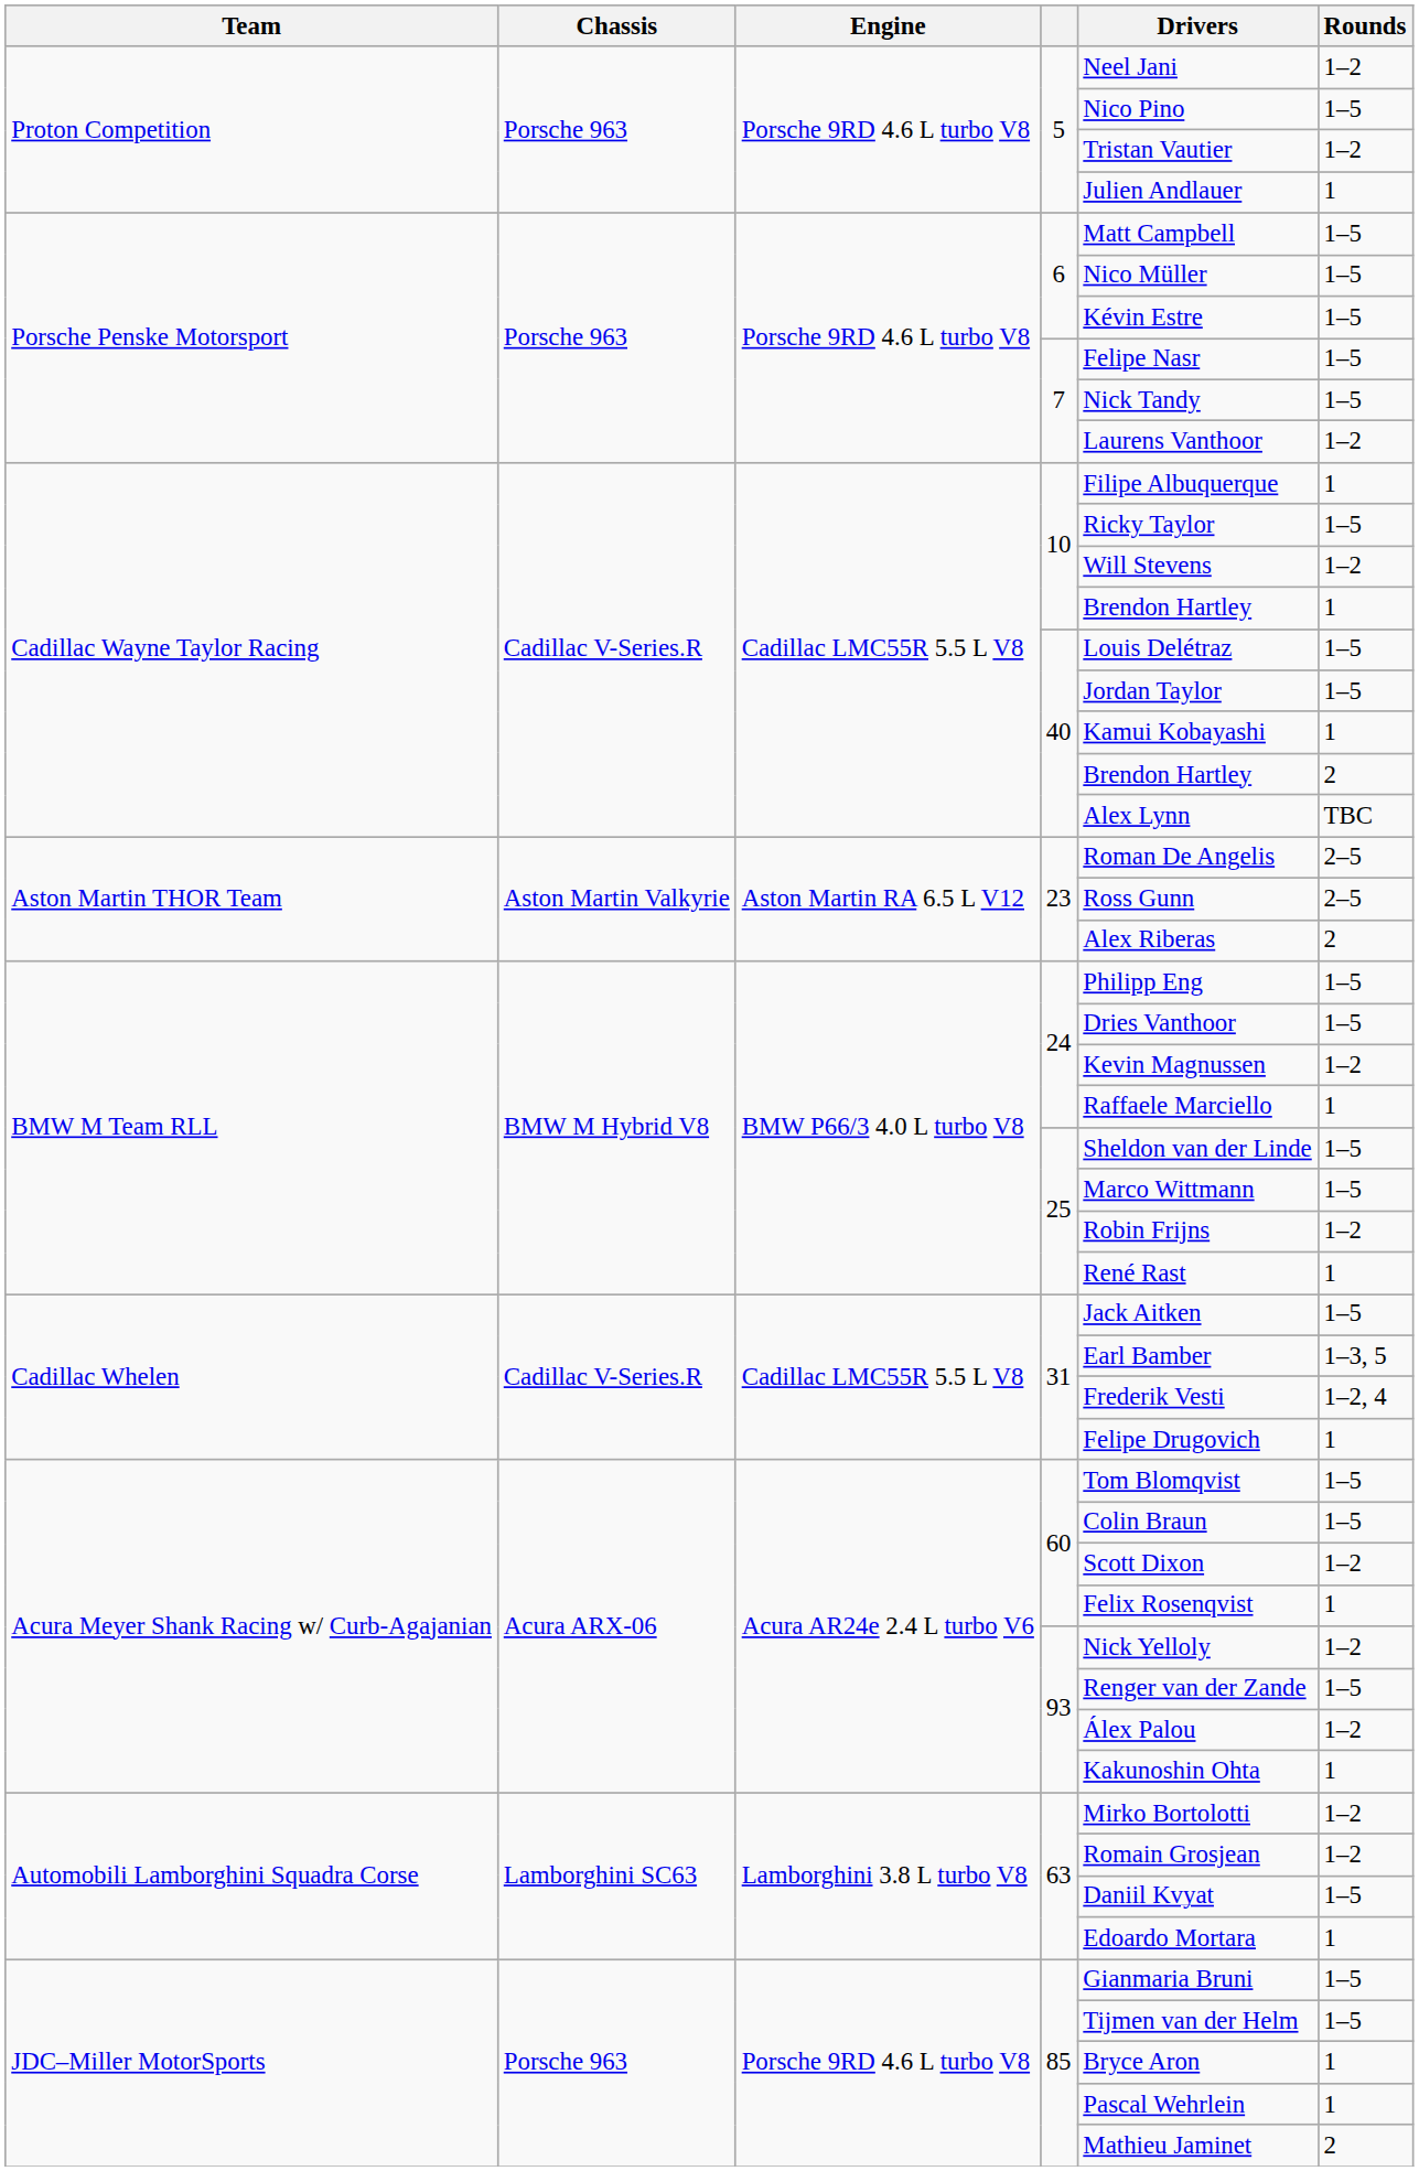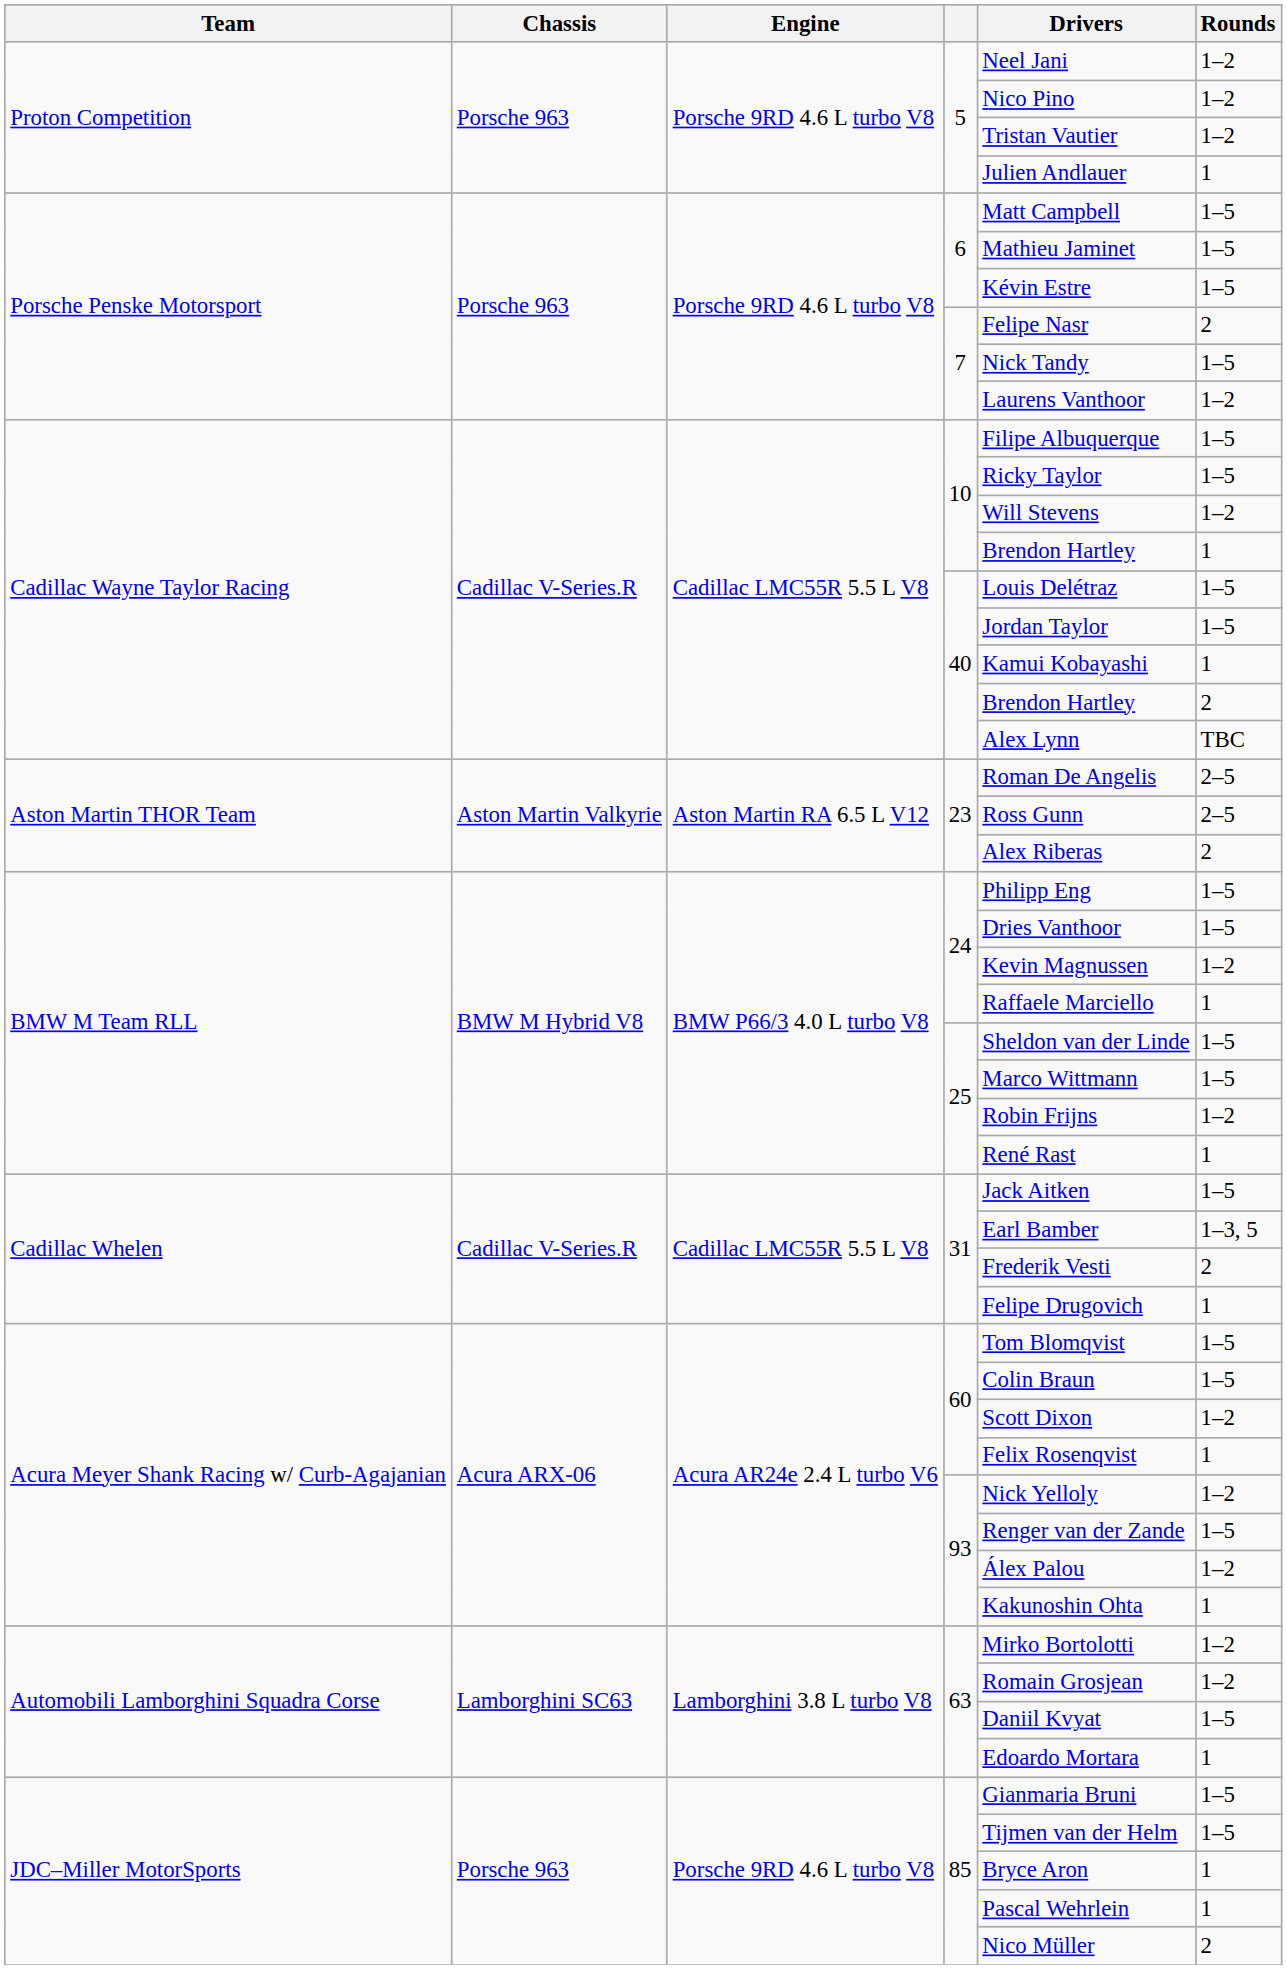 <table class="wikitable" style="font-size: 85%">
 <tr>
 <th>Team</th>
 <th>Chassis</th>
 <th>Engine</th>
 <th></th>
 <th>Drivers</th>
 <th>Rounds</th>
 </tr>
 <tr>
 <td rowspan="4"> <a href='#'>Proton Competition</a></td>
 <td rowspan="4"><a href='#'>Porsche 963</a></td>
 <td rowspan="4"><a href='#'>Porsche 9RD</a> 4.6 L <a href='#'>turbo</a> <a href='#'>V8</a></td>
 <td rowspan="4" align="center">5</td>
 <td> <a href='#'>Neel Jani</a></td>
 <td>1–2</td>
 </tr>
 <tr>
 <td> <a href='#'>Nico Pino</a></td>
-<td>1–5</td>
+<td>1–2</td>
 </tr>
 <tr>
 <td> <a href='#'>Tristan Vautier</a></td>
 <td>1–2</td>
 </tr>
 <tr>
 <td> <a href='#'>Julien Andlauer</a></td>
 <td>1</td>
 </tr>
 <tr>
 <td rowspan="6"> <a href='#'>Porsche Penske Motorsport</a></td>
 <td rowspan="6"><a href='#'>Porsche 963</a></td>
 <td rowspan="6"><a href='#'>Porsche 9RD</a> 4.6 L <a href='#'>turbo</a> <a href='#'>V8</a></td>
 <td rowspan="3" align="center">6</td>
 <td> <a href='#'>Matt Campbell</a></td>
 <td>1–5</td>
 </tr>
 <tr>
-<td> <a href='#'>Nico Müller</a></td>
+<td> <a href='#'>Mathieu Jaminet</a></td>
 <td>1–5</td>
 </tr>
 <tr>
 <td> <a href='#'>Kévin Estre</a></td>
 <td>1–5</td>
 </tr>
 <tr>
 <td rowspan="3" align="center">7</td>
 <td> <a href='#'>Felipe Nasr</a></td>
-<td>1–5</td>
+<td>2</td>
 </tr>
 <tr>
 <td> <a href='#'>Nick Tandy</a></td>
 <td>1–5</td>
 </tr>
 <tr>
 <td> <a href='#'>Laurens Vanthoor</a></td>
 <td>1–2</td>
 </tr>
 <tr>
 <td rowspan="9"> <a href='#'>Cadillac Wayne Taylor Racing</a></td>
 <td rowspan="9"><a href='#'>Cadillac V-Series.R</a></td>
 <td rowspan="9"><a href='#'>Cadillac LMC55R</a> 5.5 L <a href='#'>V8</a></td>
 <td rowspan="4" align="center">10</td>
 <td> <a href='#'>Filipe Albuquerque</a></td>
-<td>1</td>
+<td>1–5</td>
 </tr>
 <tr>
 <td> <a href='#'>Ricky Taylor</a></td>
 <td>1–5</td>
 </tr>
 <tr>
 <td> <a href='#'>Will Stevens</a></td>
 <td>1–2</td>
 </tr>
 <tr>
 <td> <a href='#'>Brendon Hartley</a></td>
 <td>1</td>
 </tr>
 <tr>
 <td rowspan="5" align="center">40</td>
 <td> <a href='#'>Louis Delétraz</a></td>
 <td>1–5</td>
 </tr>
 <tr>
 <td> <a href='#'>Jordan Taylor</a></td>
 <td>1–5</td>
 </tr>
 <tr>
 <td> <a href='#'>Kamui Kobayashi</a></td>
 <td>1</td>
 </tr>
 <tr>
 <td> <a href='#'>Brendon Hartley</a></td>
 <td>2</td>
 </tr>
 <tr>
 <td> <a href='#'>Alex Lynn</a></td>
 <td>TBC</td>
 </tr>
 <tr>
 <td rowspan="3"> <a href='#'>Aston Martin THOR Team</a></td>
 <td rowspan="3"><a href='#'>Aston Martin Valkyrie</a></td>
 <td rowspan="3"><a href='#'>Aston Martin RA</a> 6.5 L <a href='#'>V12</a></td>
 <td rowspan="3" align="center">23</td>
 <td> <a href='#'>Roman De Angelis</a></td>
 <td>2–5</td>
 </tr>
 <tr>
 <td> <a href='#'>Ross Gunn</a></td>
 <td>2–5</td>
 </tr>
 <tr>
 <td> <a href='#'>Alex Riberas</a></td>
 <td>2</td>
 </tr>
 <tr>
 <td rowspan="8"> <a href='#'>BMW M Team RLL</a></td>
 <td rowspan="8"><a href='#'>BMW M Hybrid V8</a></td>
 <td rowspan="8"><a href='#'>BMW P66/3</a> 4.0 L <a href='#'>turbo</a> <a href='#'>V8</a></td>
 <td rowspan="4" align="center">24</td>
 <td> <a href='#'>Philipp Eng</a></td>
 <td>1–5</td>
 </tr>
 <tr>
 <td> <a href='#'>Dries Vanthoor</a></td>
 <td>1–5</td>
 </tr>
 <tr>
 <td> <a href='#'>Kevin Magnussen</a></td>
 <td>1–2</td>
 </tr>
 <tr>
 <td> <a href='#'>Raffaele Marciello</a></td>
 <td>1</td>
 </tr>
 <tr>
 <td rowspan="4" align="center">25</td>
 <td> <a href='#'>Sheldon van der Linde</a></td>
 <td>1–5</td>
 </tr>
 <tr>
 <td> <a href='#'>Marco Wittmann</a></td>
 <td>1–5</td>
 </tr>
 <tr>
 <td> <a href='#'>Robin Frijns</a></td>
 <td>1–2</td>
 </tr>
 <tr>
 <td> <a href='#'>René Rast</a></td>
 <td>1</td>
 </tr>
 <tr>
 <td rowspan="4"> <a href='#'>Cadillac Whelen</a></td>
 <td rowspan="4"><a href='#'>Cadillac V-Series.R</a></td>
 <td rowspan="4"><a href='#'>Cadillac LMC55R</a> 5.5 L <a href='#'>V8</a></td>
 <td rowspan="4" align="center">31</td>
 <td> <a href='#'>Jack Aitken</a></td>
 <td>1–5</td>
 </tr>
 <tr>
 <td> <a href='#'>Earl Bamber</a></td>
 <td>1–3, 5</td>
 </tr>
 <tr>
 <td> <a href='#'>Frederik Vesti</a></td>
-<td>1–2, 4</td>
+<td>2</td>
 </tr>
 <tr>
 <td> <a href='#'>Felipe Drugovich</a></td>
 <td>1</td>
 </tr>
 <tr>
 <td rowspan="8"> <a href='#'>Acura Meyer Shank Racing</a> w/ <a href='#'>Curb-Agajanian</a></td>
 <td rowspan="8"><a href='#'>Acura ARX-06</a></td>
 <td rowspan="8"><a href='#'>Acura AR24e</a> 2.4 L <a href='#'>turbo</a> <a href='#'>V6</a></td>
 <td rowspan="4" align="center">60</td>
 <td> <a href='#'>Tom Blomqvist</a></td>
 <td>1–5</td>
 </tr>
 <tr>
 <td> <a href='#'>Colin Braun</a></td>
 <td>1–5</td>
 </tr>
 <tr>
 <td> <a href='#'>Scott Dixon</a></td>
 <td>1–2</td>
 </tr>
 <tr>
 <td> <a href='#'>Felix Rosenqvist</a></td>
 <td>1</td>
 </tr>
 <tr>
 <td rowspan="4" align="center">93</td>
 <td> <a href='#'>Nick Yelloly</a></td>
 <td>1–2</td>
 </tr>
 <tr>
 <td> <a href='#'>Renger van der Zande</a></td>
 <td>1–5</td>
 </tr>
 <tr>
 <td> <a href='#'>Álex Palou</a></td>
 <td>1–2</td>
 </tr>
 <tr>
 <td> <a href='#'>Kakunoshin Ohta</a></td>
 <td>1</td>
 </tr>
 <tr>
 <td rowspan="4"> <a href='#'>Automobili Lamborghini Squadra Corse</a></td>
 <td rowspan="4"><a href='#'>Lamborghini SC63</a></td>
 <td rowspan="4"><a href='#'>Lamborghini</a> 3.8 L <a href='#'>turbo</a> <a href='#'>V8</a></td>
 <td rowspan="4" align="center">63</td>
 <td> <a href='#'>Mirko Bortolotti</a></td>
 <td>1–2</td>
 </tr>
 <tr>
 <td> <a href='#'>Romain Grosjean</a></td>
 <td>1–2</td>
 </tr>
 <tr>
 <td> <a href='#'>Daniil Kvyat</a></td>
 <td>1–5</td>
 </tr>
 <tr>
 <td> <a href='#'>Edoardo Mortara</a></td>
 <td>1</td>
 </tr>
 <tr>
 <td rowspan="5"> <a href='#'>JDC–Miller MotorSports</a></td>
 <td rowspan="5"><a href='#'>Porsche 963</a></td>
 <td rowspan="5"><a href='#'>Porsche 9RD</a> 4.6 L <a href='#'>turbo</a> <a href='#'>V8</a></td>
 <td rowspan="5" align="center">85</td>
 <td> <a href='#'>Gianmaria Bruni</a></td>
 <td>1–5</td>
 </tr>
 <tr>
 <td> <a href='#'>Tijmen van der Helm</a></td>
 <td>1–5</td>
 </tr>
 <tr>
 <td> <a href='#'>Bryce Aron</a></td>
 <td>1</td>
 </tr>
 <tr>
 <td> <a href='#'>Pascal Wehrlein</a></td>
 <td>1</td>
 </tr>
 <tr>
-<td> <a href='#'>Mathieu Jaminet</a></td>
+<td> <a href='#'>Nico Müller</a></td>
 <td>2</td>
 </tr>
 <tr>
 </tr>
 </table>
